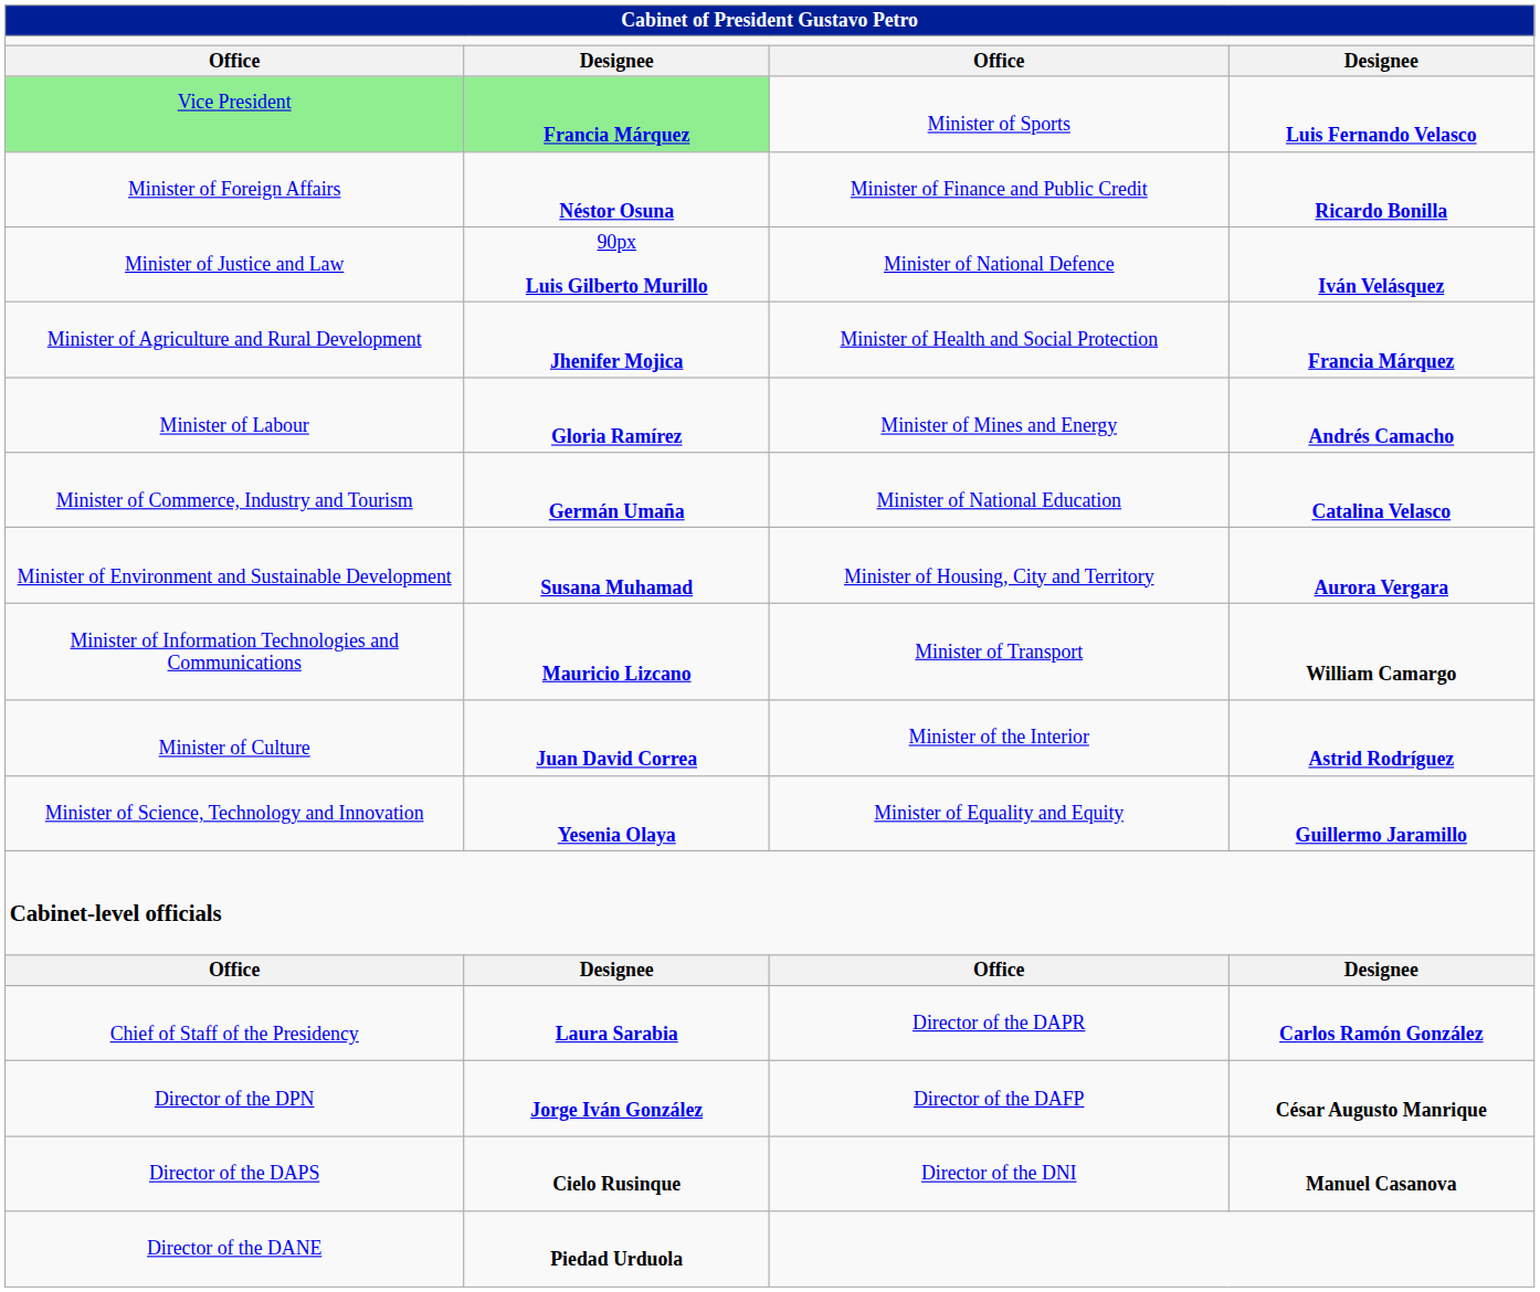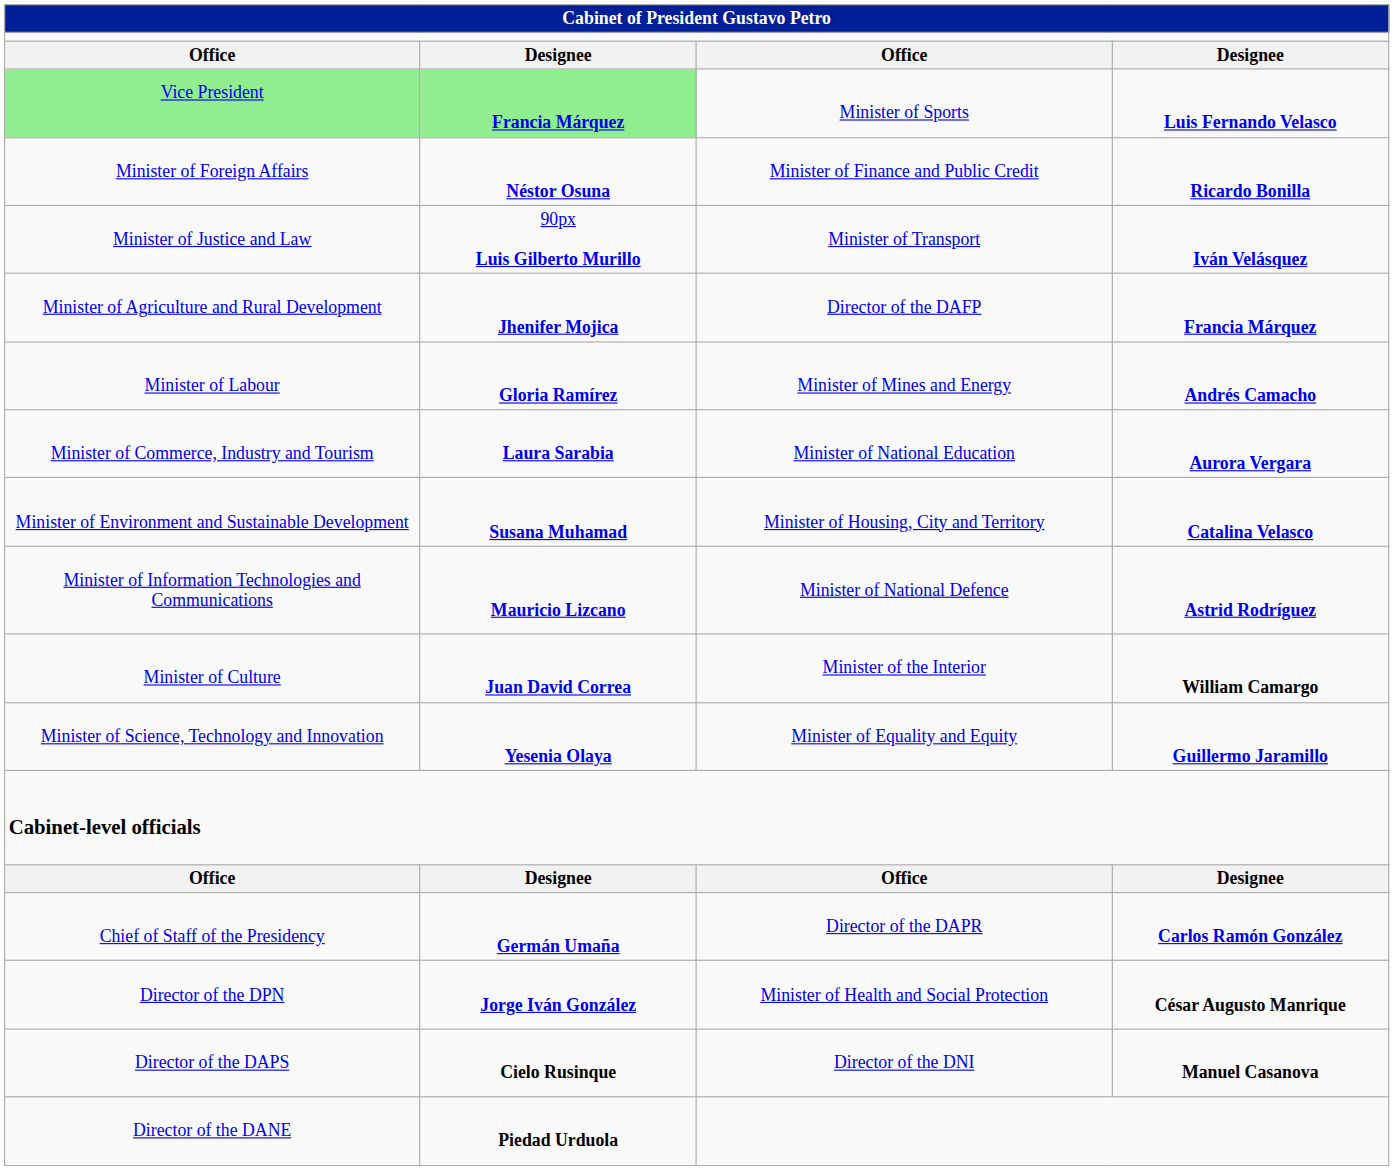 <table class="wikitable" style="text-align:center">
 <tr>
 <th colspan="5" style="text-align:center; font-size:100%; color:white; background:#001E96;">Cabinet of President Gustavo Petro</th>
 </tr>
 <tr>
 <td colspan="5" style="text-align:left"></td>
 </tr>
 <tr>
 <th scope="col" style="width: 30%;">Office<br></th>
 <th scope="col" style="width: 20%;">Designee</th>
 <th scope="col" style="width: 30%;">Office<br></th>
 <th scope="col" style="width: 20%;">Designee</th>
 </tr>
 <tr>
 <td style="background: #90EE90;"><a href='#'>Vice President</a><br><br></td>
 <td style="background: #90EE90;"><br><br><strong><a href='#'>Francia Márquez</a></strong><br></td>
 <td><br><a href='#'>Minister of Sports</a><br></td>
 <td><br><br><strong><a href='#'>Luis Fernando Velasco</a></strong><br></td>
 </tr>
 <tr>
 <td><br><a href='#'>Minister of Foreign Affairs</a><br><br></td>
 <td><br><br><strong><a href='#'>Néstor Osuna</a></strong><br></td>
 <td><br><a href='#'>Minister of Finance and Public Credit</a><br><br></td>
 <td><br><br><strong><a href='#'>Ricardo Bonilla</a></strong><br></td>
 </tr>
 <tr>
 <td><br><a href='#'>Minister of Justice and Law</a><br><br></td>
 <td><a href='#'>90px</a><br><br><strong><a href='#'>Luis Gilberto Murillo</a></strong><br></td>
-<td><br><a href='#'>Minister of National Defence</a><br><br></td>
+<td><br><a href='#'>Minister of Transport</a><br><br></td>
 <td><br><br><strong><a href='#'>Iván Velásquez</a></strong><br></td>
 </tr>
 <tr>
 <td><br><a href='#'>Minister of Agriculture and Rural Development</a><br><br></td>
 <td> <br><br><strong><a href='#'>Jhenifer Mojica</a></strong><br></td>
-<td><br><a href='#'>Minister of Health and Social Protection</a><br><br></td>
+<td><br><a href='#'>Director of the DAFP</a><br><br></td>
 <td><br><br><strong><a href='#'>Francia Márquez</a></strong><br></td>
 </tr>
 <tr>
 <td><br><a href='#'>Minister of Labour</a><br></td>
 <td> <br><br><strong><a href='#'>Gloria Ramírez</a></strong><br></td>
 <td><br><a href='#'>Minister of Mines and Energy</a><br></td>
 <td><br><br><strong><a href='#'>Andrés Camacho</a></strong><br></td>
 </tr>
 <tr>
 <td><br><a href='#'>Minister of Commerce, Industry and Tourism</a><br></td>
-<td><br><br><strong><a href='#'>Germán Umaña</a></strong><br></td>
+<td><br><strong><a href='#'>Laura Sarabia</a></strong><br></td>
 <td><br><a href='#'>Minister of National Education</a><br></td>
-<td><br><br><strong><a href='#'>Catalina Velasco</a></strong><br></td>
+<td><br><br><strong><a href='#'>Aurora Vergara</a></strong><br></td>
 </tr>
 <tr>
 <td><br><a href='#'>Minister of Environment and Sustainable Development</a><br></td>
 <td><br><br><strong><a href='#'>Susana Muhamad</a></strong><br></td>
 <td><br><a href='#'>Minister of Housing, City and Territory</a><br></td>
-<td><br><br><strong><a href='#'>Aurora Vergara</a></strong><br></td>
+<td><br><br><strong><a href='#'>Catalina Velasco</a></strong><br></td>
 </tr>
 <tr>
 <td><br><a href='#'>Minister of Information Technologies and Communications</a><br><br></td>
 <td><br><br><strong><a href='#'>Mauricio Lizcano</a></strong><br></td>
-<td><br><a href='#'>Minister of Transport</a><br><br></td>
-<td><br><br><strong>William Camargo</strong><br></td>
+<td><br><a href='#'>Minister of National Defence</a><br><br></td>
+<td><br><br><strong><a href='#'>Astrid Rodríguez</a></strong><br></td>
 </tr>
 <tr>
 <td><br><a href='#'>Minister of Culture</a><br> </td>
 <td><br><br><strong><a href='#'>Juan David Correa</a></strong><br></td>
 <td><br><a href='#'>Minister of the Interior</a><br><br></td>
-<td><br><br><strong><a href='#'>Astrid Rodríguez</a></strong><br></td>
+<td><br><br><strong>William Camargo</strong><br></td>
 </tr>
 <tr>
 <td><br><a href='#'>Minister of Science, Technology and Innovation</a><br><br></td>
 <td><br><br><strong><a href='#'>Yesenia Olaya</a></strong><br></td>
 <td><br><a href='#'>Minister of Equality and Equity</a><br><br></td>
 <td><br><br><strong><a href='#'>Guillermo Jaramillo</a></strong><br></td>
 </tr>
 <tr>
 <td colspan="4" style="text-align:left"><br><h3>Cabinet-level officials</h3></td>
 </tr>
 <tr>
 <th>Office<br></th>
 <th>Designee</th>
 <th>Office<br></th>
 <th>Designee</th>
 </tr>
 <tr>
 <td><br><a href='#'>Chief of Staff of the Presidency</a><br> </td>
-<td><br><strong><a href='#'>Laura Sarabia</a></strong><br></td>
+<td><br><br><strong><a href='#'>Germán Umaña</a></strong><br></td>
 <td><br><a href='#'>Director of the DAPR</a><br><br></td>
 <td><br><strong><a href='#'>Carlos Ramón González</a></strong><br></td>
 </tr>
 <tr>
 <td><br><a href='#'>Director of the DPN</a><br><br></td>
 <td><br><strong><a href='#'>Jorge Iván González</a></strong><br></td>
-<td><br><a href='#'>Director of the DAFP</a><br><br></td>
+<td><br><a href='#'>Minister of Health and Social Protection</a><br><br></td>
 <td><br><strong>César Augusto Manrique</strong><br></td>
 </tr>
 <tr>
 <td><br><a href='#'>Director of the DAPS</a><br><br></td>
 <td><br><strong>Cielo Rusinque</strong><br></td>
 <td><br><a href='#'>Director of the DNI</a><br><br></td>
 <td><br><strong>Manuel Casanova</strong><br></td>
 </tr>
 <tr>
 <td><br><a href='#'>Director of the DANE</a><br><br></td>
 <td><br><strong>Piedad Urduola</strong><br></td>
 </tr>
 </table>
